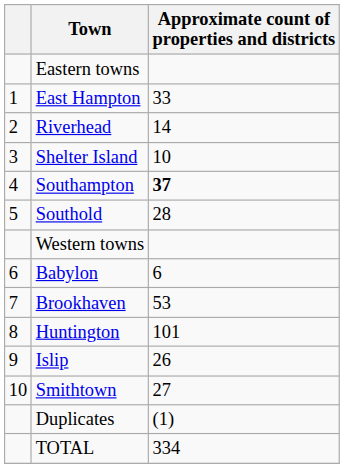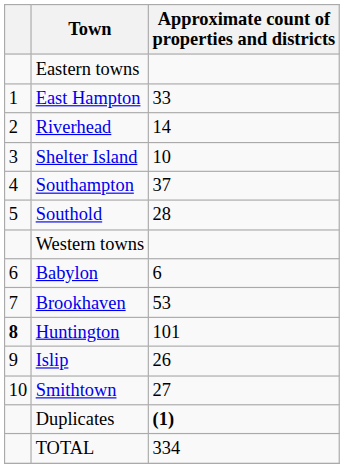 <table class="wikitable sortable">
 <tr>
 <th></th>
 <th><strong>Town</strong></th>
 <th><strong>Approximate count of<br>properties and districts</strong></th>
 </tr>
 <tr ->
 <td></td>
 <td>Eastern towns</td>
 <td></td>
 </tr>
 <tr ->
 <td>1</td>
 <td><a href='#'>East Hampton</a></td>
 <td>33</td>
 </tr>
 <tr ->
 <td>2</td>
 <td><a href='#'>Riverhead</a></td>
 <td>14</td>
 </tr>
 <tr ->
 <td>3</td>
 <td><a href='#'>Shelter Island</a></td>
 <td>10</td>
 </tr>
 <tr ->
 <td>4</td>
 <td><a href='#'>Southampton</a></td>
-<td><strong>37</strong></td>
+<td>37</td>
 </tr>
 <tr ->
 <td>5</td>
 <td><a href='#'>Southold</a></td>
 <td>28</td>
 </tr>
 <tr ->
 <td></td>
 <td>Western towns</td>
 <td></td>
 </tr>
 <tr ->
 <td>6</td>
 <td><a href='#'>Babylon</a></td>
 <td>6</td>
 </tr>
 <tr ->
 <td>7</td>
 <td><a href='#'>Brookhaven</a></td>
 <td>53</td>
 </tr>
 <tr ->
-<td>8</td>
+<td><strong>8</strong></td>
 <td><a href='#'>Huntington</a></td>
 <td>101</td>
 </tr>
 <tr ->
 <td>9</td>
 <td><a href='#'>Islip</a></td>
 <td>26</td>
 </tr>
 <tr ->
 <td>10</td>
 <td><a href='#'>Smithtown</a></td>
 <td>27</td>
 </tr>
 <tr ->
 <td></td>
 <td>Duplicates</td>
-<td>(1)</td>
+<td><strong>(1)</strong></td>
 </tr>
 <tr ->
 <td></td>
 <td>TOTAL</td>
 <td>334</td>
 </tr>
 <tr ->
 </tr>
 </table>
